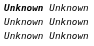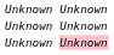 <table>
 <tr>
 <th scope=row style="text-align:left"></th>
 <td><br></td>
 <td><br></td>
 <td><br></td>
 </tr>
 <tr>
 <th scope=row style="text-align:left"></th>
 <td></td>
 <td></td>
 <td></td>
 </tr>
 <tr>
 <th scope=row style="text-align:left"></th>
-<td><strong><em>Unknown</em></strong></td>
+<td><em>Unknown</em></td>
 <td></td>
 <td><em>Unknown</em></td>
 </tr>
 <tr>
 <th scope=row style="text-align:left"></th>
 <td><em>Unknown</em></td>
 <td></td>
 <td><em>Unknown</em></td>
 </tr>
 <tr>
 <th scope=row style="text-align:left"></th>
 <td><em>Unknown</em></td>
 <td></td>
-<td><em>Unknown</em></td>
+<td style="background: pink;"><em>Unknown</em></td>
 </tr>
 </table>
